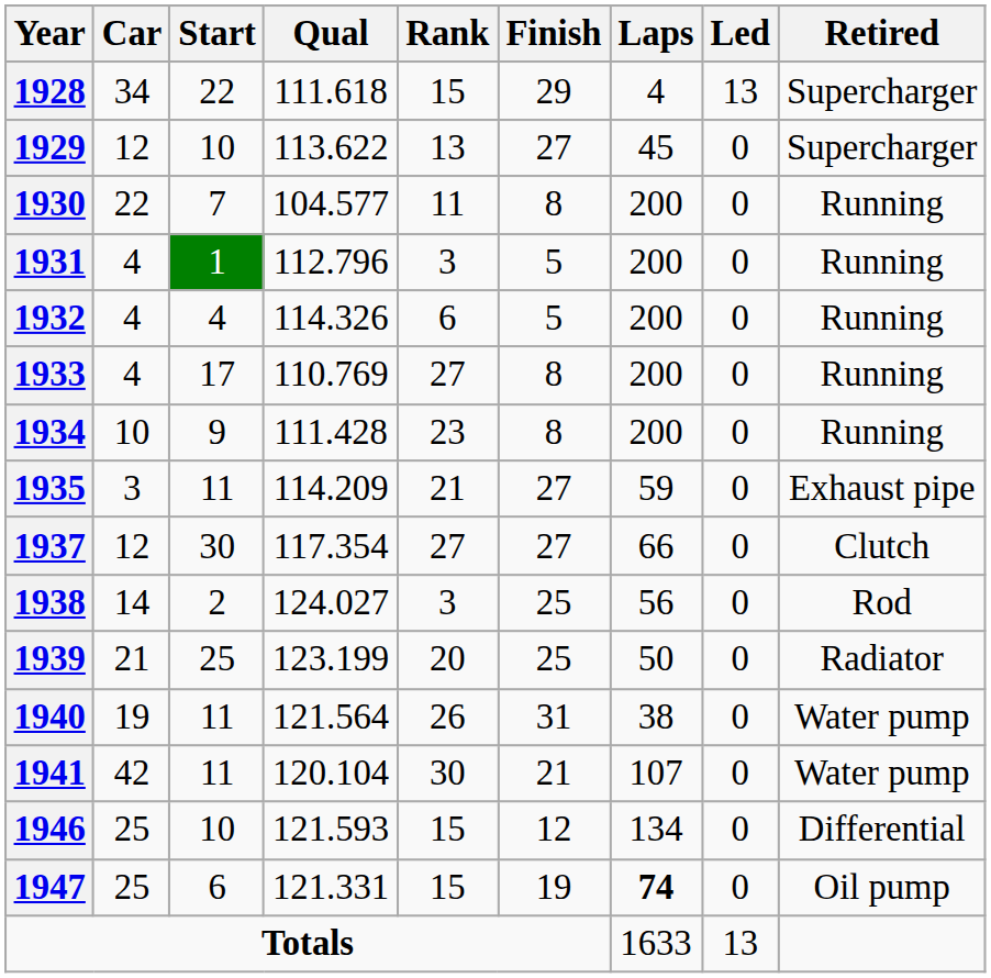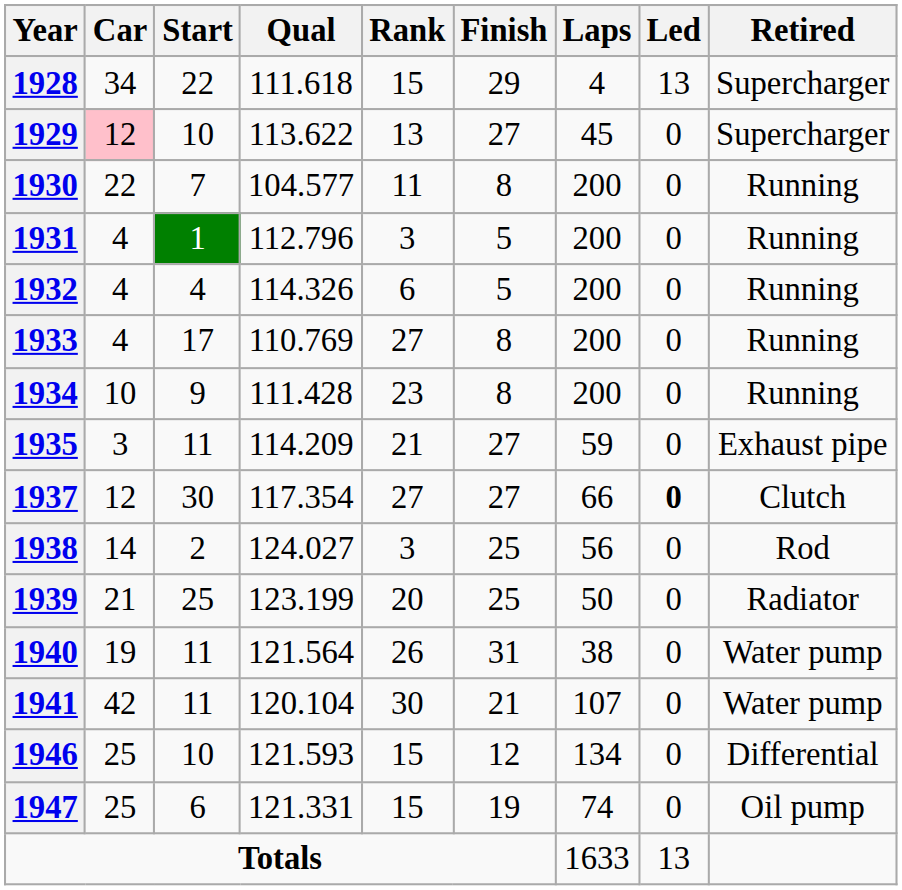 <table class="wikitable" style="text-align:center">
 <tr>
 <th>Year</th>
 <th>Car</th>
 <th>Start</th>
 <th>Qual</th>
 <th>Rank</th>
 <th>Finish</th>
 <th>Laps</th>
 <th>Led</th>
 <th>Retired</th>
 </tr>
 <tr>
 <th><a href='#'>1928</a></th>
 <td>34</td>
 <td>22</td>
 <td>111.618</td>
 <td>15</td>
 <td>29</td>
 <td>4</td>
 <td>13</td>
 <td>Supercharger</td>
 </tr>
 <tr>
 <th><a href='#'>1929</a></th>
-<td>12</td>
+<td style="background: pink;">12</td>
 <td>10</td>
 <td>113.622</td>
 <td>13</td>
 <td>27</td>
 <td>45</td>
 <td>0</td>
 <td>Supercharger</td>
 </tr>
 <tr>
 <th><a href='#'>1930</a></th>
 <td>22</td>
 <td>7</td>
 <td>104.577</td>
 <td>11</td>
 <td>8</td>
 <td>200</td>
 <td>0</td>
 <td>Running</td>
 </tr>
 <tr>
 <th><a href='#'>1931</a></th>
 <td>4</td>
 <td style="background:green;color:white">1</td>
 <td>112.796</td>
 <td>3</td>
 <td>5</td>
 <td>200</td>
 <td>0</td>
 <td>Running</td>
 </tr>
 <tr>
 <th><a href='#'>1932</a></th>
 <td>4</td>
 <td>4</td>
 <td>114.326</td>
 <td>6</td>
 <td>5</td>
 <td>200</td>
 <td>0</td>
 <td>Running</td>
 </tr>
 <tr>
 <th><a href='#'>1933</a></th>
 <td>4</td>
 <td>17</td>
 <td>110.769</td>
 <td>27</td>
 <td>8</td>
 <td>200</td>
 <td>0</td>
 <td>Running</td>
 </tr>
 <tr>
 <th><a href='#'>1934</a></th>
 <td>10</td>
 <td>9</td>
 <td>111.428</td>
 <td>23</td>
 <td>8</td>
 <td>200</td>
 <td>0</td>
 <td>Running</td>
 </tr>
 <tr>
 <th><a href='#'>1935</a></th>
 <td>3</td>
 <td>11</td>
 <td>114.209</td>
 <td>21</td>
 <td>27</td>
 <td>59</td>
 <td>0</td>
 <td>Exhaust pipe</td>
 </tr>
 <tr>
 <th><a href='#'>1937</a></th>
 <td>12</td>
 <td>30</td>
 <td>117.354</td>
 <td>27</td>
 <td>27</td>
 <td>66</td>
-<td>0</td>
+<td><strong>0</strong></td>
 <td>Clutch</td>
 </tr>
 <tr>
 <th><a href='#'>1938</a></th>
 <td>14</td>
 <td>2</td>
 <td>124.027</td>
 <td>3</td>
 <td>25</td>
 <td>56</td>
 <td>0</td>
 <td>Rod</td>
 </tr>
 <tr>
 <th><a href='#'>1939</a></th>
 <td>21</td>
 <td>25</td>
 <td>123.199</td>
 <td>20</td>
 <td>25</td>
 <td>50</td>
 <td>0</td>
 <td>Radiator</td>
 </tr>
 <tr>
 <th><a href='#'>1940</a></th>
 <td>19</td>
 <td>11</td>
 <td>121.564</td>
 <td>26</td>
 <td>31</td>
 <td>38</td>
 <td>0</td>
 <td>Water pump</td>
 </tr>
 <tr>
 <th><a href='#'>1941</a></th>
 <td>42</td>
 <td>11</td>
 <td>120.104</td>
 <td>30</td>
 <td>21</td>
 <td>107</td>
 <td>0</td>
 <td>Water pump</td>
 </tr>
 <tr>
 <th><a href='#'>1946</a></th>
 <td>25</td>
 <td>10</td>
 <td>121.593</td>
 <td>15</td>
 <td>12</td>
 <td>134</td>
 <td>0</td>
 <td>Differential</td>
 </tr>
 <tr>
 <th><a href='#'>1947</a></th>
 <td>25</td>
 <td>6</td>
 <td>121.331</td>
 <td>15</td>
 <td>19</td>
-<td><strong>74</strong></td>
+<td>74</td>
 <td>0</td>
 <td>Oil pump</td>
 </tr>
 <tr>
 <td colspan=6><strong>Totals</strong></td>
 <td>1633</td>
 <td>13</td>
 <td></td>
 </tr>
 </table>
